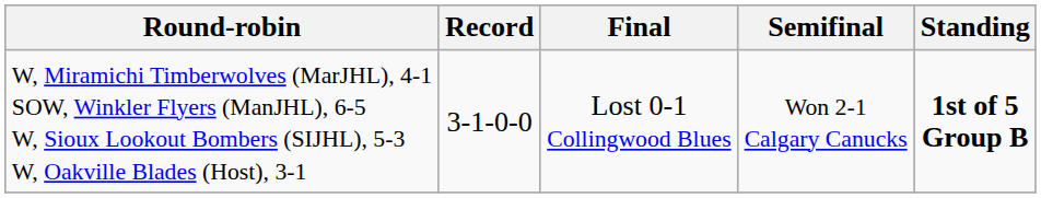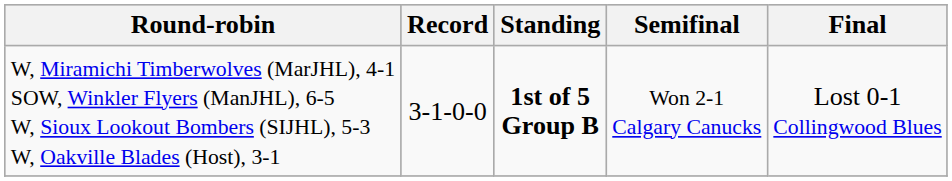 <table class="wikitable" style="text-align:center;">
 <tr>
 <th>Round-robin</th>
 <th>Record</th>
+<th>Standing</th>
+<th>Semifinal</th>
 <th>Final</th>
-<th>Semifinal</th>
-<th>Standing</th>
 </tr>
 <tr>
 <td align=left><small>W, <a href='#'>Miramichi Timberwolves</a> (MarJHL), 4-1<br>SOW, <a href='#'>Winkler Flyers</a> (ManJHL), 6-5<br>W, <a href='#'>Sioux Lookout Bombers</a> (SIJHL), 5-3<br>W, <a href='#'>Oakville Blades</a> (Host), 3-1</small></td>
 <td>3-1-0-0</td>
+<td><strong>1st of 5 <br>Group B</strong></td>
+<td><small> Won    2-1<br><a href='#'>Calgary Canucks</a></small></td>
 <td>Lost   0-1<br><small><a href='#'>Collingwood Blues</a></small></td>
-<td><small> Won    2-1<br><a href='#'>Calgary Canucks</a></small></td>
-<td><strong>1st of 5 <br>Group B</strong></td>
 </tr>
 </table>
